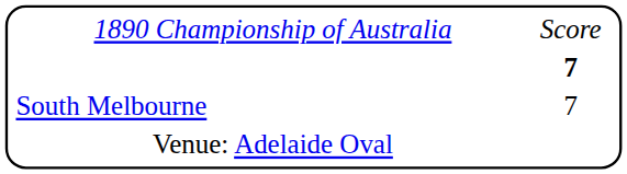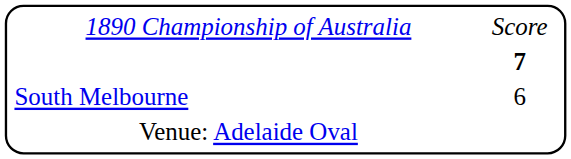 <table style="margin-right:4px; margin-left:4px; margin-top:8px; float:right; border:1px #000 solid; border-radius:8px; background:#fff; font-family:Verdana; font-size:8pt; text-align:center;">
 <tr>
 <td width=200><em><a href='#'>1890 Championship of Australia</a></em></td>
 <td><em>Score</em></td>
 </tr>
 <tr>
 <td style="text-align:left"><strong></strong></td>
 <td><strong>7</strong></td>
 </tr>
 <tr>
 <td style="text-align:left"><a href='#'>South Melbourne</a></td>
-<td>7</td>
+<td>6</td>
 </tr>
 <tr>
 <td>Venue: <a href='#'>Adelaide Oval</a></td>
 <td colspan=3></td>
 <td colspan=3></td>
 </tr>
 </table>
